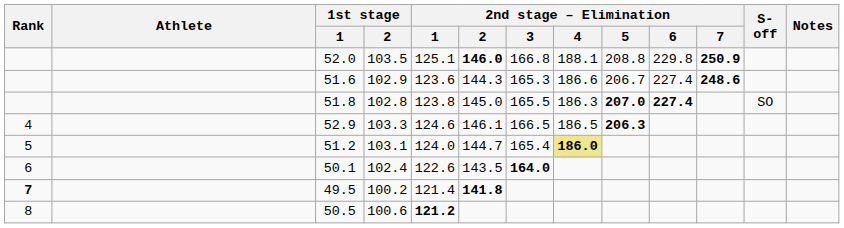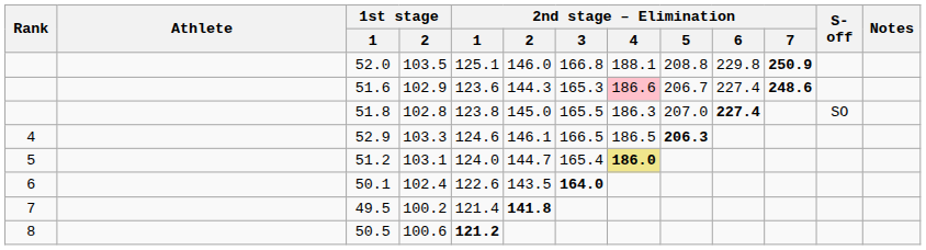 <table class="wikitable" style="text-align:center">
 <tr>
 <th rowspan=2 width=40>Rank</th>
 <th rowspan=2 width=250>Athlete</th>
 <th colspan=2>1st stage</th>
 <th colspan=7>2nd stage – Elimination</th>
 <th rowspan=2 width=35>S-off</th>
 <th rowspan=2 width=45>Notes</th>
 </tr>
 <tr>
 <th width=40>1</th>
 <th width=40>2</th>
 <th width=40>1</th>
 <th width=40>2</th>
 <th width=40>3</th>
 <th width=40>4</th>
 <th width=40>5</th>
 <th width=40>6</th>
 <th width=40>7</th>
 </tr>
 <tr>
 <td></td>
 <td align=left></td>
 <td>52.0</td>
 <td>103.5</td>
 <td>125.1</td>
-<td><strong>146.0</strong></td>
+<td>146.0</td>
 <td>166.8</td>
 <td>188.1</td>
 <td>208.8</td>
 <td>229.8</td>
 <td><strong>250.9</strong></td>
 <td></td>
 <td></td>
 </tr>
 <tr>
 <td></td>
 <td align=left></td>
 <td>51.6</td>
 <td>102.9</td>
 <td>123.6</td>
 <td>144.3</td>
 <td>165.3</td>
-<td>186.6</td>
+<td style="background: pink;">186.6</td>
 <td>206.7</td>
 <td>227.4</td>
 <td><strong>248.6</strong></td>
 <td></td>
 <td></td>
 </tr>
 <tr>
 <td></td>
 <td align=left></td>
 <td>51.8</td>
 <td>102.8</td>
 <td>123.8</td>
 <td>145.0</td>
 <td>165.5</td>
 <td>186.3</td>
-<td><strong>207.0</strong></td>
+<td>207.0</td>
 <td><strong>227.4</strong></td>
 <td></td>
 <td>SO</td>
 <td></td>
 </tr>
 <tr>
 <td>4</td>
 <td align=left></td>
 <td>52.9</td>
 <td>103.3</td>
 <td>124.6</td>
 <td>146.1</td>
 <td>166.5</td>
 <td>186.5</td>
 <td><strong>206.3</strong></td>
 <td></td>
 <td></td>
 <td></td>
 <td></td>
 </tr>
 <tr>
 <td>5</td>
 <td align=left></td>
 <td>51.2</td>
 <td>103.1</td>
 <td>124.0</td>
 <td>144.7</td>
 <td>165.4</td>
 <td style="background: khaki;"><strong>186.0</strong></td>
 <td></td>
 <td></td>
 <td></td>
 <td></td>
 <td></td>
 </tr>
 <tr>
 <td>6</td>
 <td align=left></td>
 <td>50.1</td>
 <td>102.4</td>
 <td>122.6</td>
 <td>143.5</td>
 <td><strong>164.0</strong></td>
 <td></td>
 <td></td>
 <td></td>
 <td></td>
 <td></td>
 <td></td>
 </tr>
 <tr>
-<td><strong>7</strong></td>
+<td>7</td>
 <td align=left></td>
 <td>49.5</td>
 <td>100.2</td>
 <td>121.4</td>
 <td><strong>141.8</strong></td>
 <td></td>
 <td></td>
 <td></td>
 <td></td>
 <td></td>
 <td></td>
 <td></td>
 </tr>
 <tr>
 <td>8</td>
 <td align=left></td>
 <td>50.5</td>
 <td>100.6</td>
 <td><strong>121.2</strong></td>
 <td></td>
 <td></td>
 <td></td>
 <td></td>
 <td></td>
 <td></td>
 <td></td>
 <td></td>
 </tr>
 </table>
